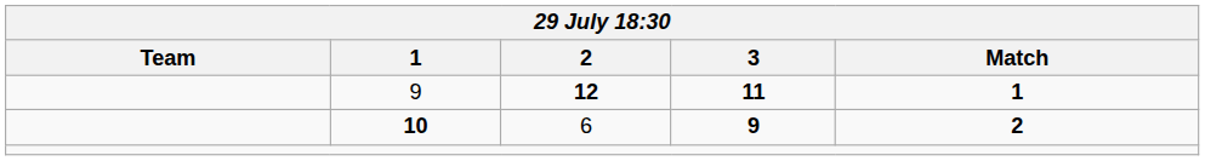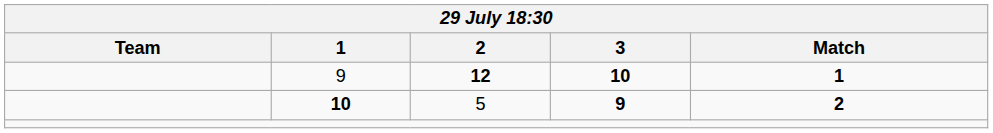 <table class=wikitable style="text-align:center; width: 55%">
 <tr>
 <th colspan=10><em>29 July 18:30</em></th>
 </tr>
 <tr>
 <th>Team</th>
 <th>1</th>
 <th>2</th>
 <th>3</th>
 <th>Match</th>
 </tr>
 <tr>
 <td align=left><strong><br></strong></td>
 <td>9</td>
 <td><strong>12</strong></td>
-<td><strong>11</strong></td>
+<td><strong>10</strong></td>
 <td><strong>1</strong></td>
 </tr>
 <tr>
 <td align=left><br></td>
 <td><strong>10</strong></td>
-<td>6</td>
+<td>5</td>
 <td><strong>9</strong></td>
 <td><strong>2</strong></td>
 </tr>
 <tr>
 <td colspan=10></td>
 </tr>
 </table>
